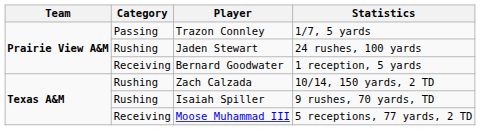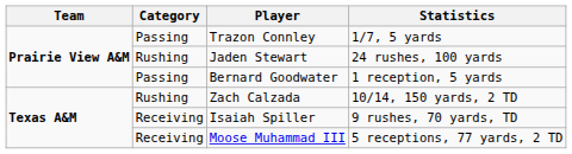 <table class="wikitable" style="float: right;">
 <tr>
 <th>Team</th>
 <th>Category</th>
 <th>Player</th>
 <th>Statistics</th>
 </tr>
 <tr>
 <td rowspan=3><strong>Prairie View A&M</strong></td>
 <td>Passing</td>
 <td>Trazon Connley</td>
 <td>1/7, 5 yards</td>
 </tr>
 <tr>
 <td>Rushing</td>
 <td>Jaden Stewart</td>
 <td>24 rushes, 100 yards</td>
 </tr>
 <tr>
-<td>Receiving</td>
+<td>Passing</td>
 <td>Bernard Goodwater</td>
 <td>1 reception, 5 yards</td>
 </tr>
 <tr>
 <td rowspan=3><strong>Texas A&M</strong></td>
 <td>Rushing</td>
 <td>Zach Calzada</td>
 <td>10/14, 150 yards, 2 TD</td>
 </tr>
 <tr>
-<td>Rushing</td>
+<td>Receiving</td>
 <td>Isaiah Spiller</td>
 <td>9 rushes, 70 yards, TD</td>
 </tr>
 <tr>
 <td>Receiving</td>
 <td><a href='#'>Moose Muhammad III</a></td>
 <td>5 receptions, 77 yards, 2 TD</td>
 </tr>
 </table>
